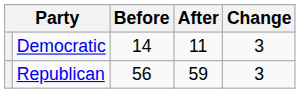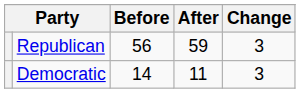 <table class="wikitable" style="text-align:center;">
 <tr>
 </tr>
 <tr>
 <th colspan=2>Party</th>
 <th>Before</th>
 <th>After</th>
 <th>Change</th>
 </tr>
 <tr>
 <th style="background-color:"></th>
+<td style="text-align:left;"><a href='#'>Republican</a></td>
+<td>56</td>
+<td>59</td>
+<td> 3</td>
+</tr>
+<tr>
+<th style="background-color:"></th>
 <td style="text-align:left;"><a href='#'>Democratic</a></td>
 <td>14</td>
 <td>11</td>
 <td> 3</td>
 </tr>
-<tr>
-<th style="background-color:"></th>
-<td style="text-align:left;"><a href='#'>Republican</a></td>
-<td>56</td>
-<td>59</td>
-<td> 3</td>
-</tr>
 </table>
